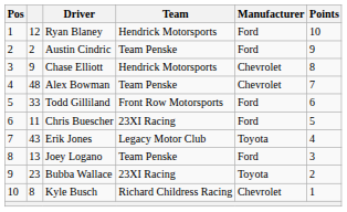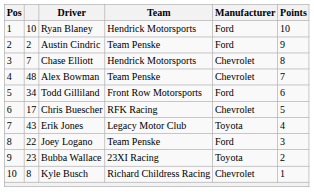 <table class="wikitable" style="font-size:98%">
 <tr>
 <th>Pos</th>
 <th></th>
 <th>Driver</th>
 <th>Team</th>
 <th>Manufacturer</th>
 <th>Points</th>
 </tr>
 <tr>
 <td>1</td>
-<td>12</td>
+<td>10</td>
 <td>Ryan Blaney</td>
 <td>Hendrick Motorsports</td>
 <td>Ford</td>
 <td>10</td>
 </tr>
 <tr>
 <td>2</td>
 <td>2</td>
 <td>Austin Cindric</td>
 <td>Team Penske</td>
 <td>Ford</td>
 <td>9</td>
 </tr>
 <tr>
 <td>3</td>
-<td>9</td>
+<td>7</td>
 <td>Chase Elliott</td>
 <td>Hendrick Motorsports</td>
 <td>Chevrolet</td>
 <td>8</td>
 </tr>
 <tr>
 <td>4</td>
 <td>48</td>
 <td>Alex Bowman</td>
 <td>Team Penske</td>
 <td>Chevrolet</td>
 <td>7</td>
 </tr>
 <tr>
 <td>5</td>
-<td>33</td>
+<td>34</td>
 <td>Todd Gilliland</td>
 <td>Front Row Motorsports</td>
 <td>Ford</td>
 <td>6</td>
 </tr>
 <tr>
 <td>6</td>
-<td>11</td>
+<td>17</td>
 <td>Chris Buescher</td>
-<td>23XI Racing</td>
-<td>Ford</td>
+<td>RFK Racing</td>
+<td>Chevrolet</td>
 <td>5</td>
 </tr>
 <tr>
 <td>7</td>
 <td>43</td>
 <td>Erik Jones</td>
 <td>Legacy Motor Club</td>
 <td>Toyota</td>
 <td>4</td>
 </tr>
 <tr>
 <td>8</td>
-<td>13</td>
+<td>22</td>
 <td>Joey Logano</td>
 <td>Team Penske</td>
 <td>Ford</td>
 <td>3</td>
 </tr>
 <tr>
 <td>9</td>
 <td>23</td>
 <td>Bubba Wallace</td>
 <td>23XI Racing</td>
 <td>Toyota</td>
 <td>2</td>
 </tr>
 <tr>
 <td>10</td>
 <td>8</td>
 <td>Kyle Busch</td>
 <td>Richard Childress Racing</td>
 <td>Chevrolet</td>
 <td>1</td>
 </tr>
 <tr>
 <th colspan="6"></th>
 </tr>
 </table>
